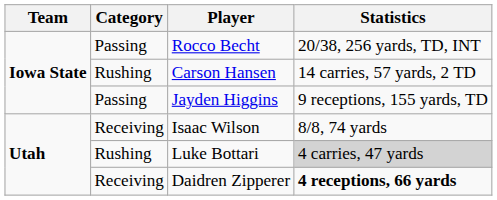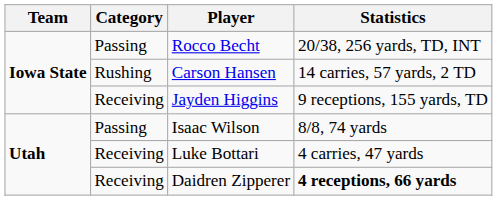 <table class="wikitable" style="float: right;">
 <tr>
 <th>Team</th>
 <th>Category</th>
 <th>Player</th>
 <th>Statistics</th>
 </tr>
 <tr>
 <td rowspan=3><strong>Iowa State</strong></td>
 <td>Passing</td>
 <td><a href='#'>Rocco Becht</a></td>
 <td>20/38, 256 yards, TD, INT</td>
 </tr>
 <tr>
 <td>Rushing</td>
 <td><a href='#'>Carson Hansen</a></td>
 <td>14 carries, 57 yards, 2 TD</td>
 </tr>
 <tr>
-<td>Passing</td>
+<td>Receiving</td>
 <td><a href='#'>Jayden Higgins</a></td>
 <td>9 receptions, 155 yards, TD</td>
 </tr>
 <tr>
 <td rowspan=3><strong>Utah</strong></td>
-<td>Receiving</td>
+<td>Passing</td>
 <td>Isaac Wilson</td>
 <td>8/8, 74 yards</td>
 </tr>
 <tr>
-<td>Rushing</td>
+<td>Receiving</td>
 <td>Luke Bottari</td>
-<td style="background: lightgrey;">4 carries, 47 yards</td>
+<td>4 carries, 47 yards</td>
 </tr>
 <tr>
 <td>Receiving</td>
 <td>Daidren Zipperer</td>
 <td><strong>4 receptions, 66 yards</strong></td>
 </tr>
 </table>
